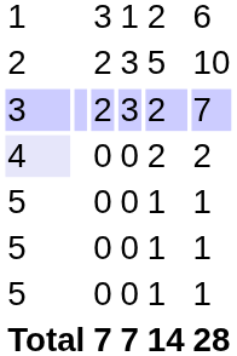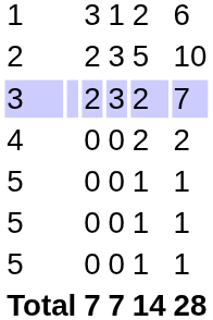 <table>
 <tr>
 <td>1</td>
 <td align=left></td>
 <td>3</td>
 <td>1</td>
 <td>2</td>
 <td>6</td>
 </tr>
 <tr>
 <td>2</td>
 <td align=left></td>
 <td>2</td>
 <td>3</td>
 <td>5</td>
 <td>10</td>
 </tr>
 <tr style="background:#ccf;">
 <td>3</td>
 <td align=left></td>
 <td>2</td>
 <td>3</td>
 <td>2</td>
 <td>7</td>
 </tr>
 <tr>
-<td style="background: lavender;">4</td>
+<td>4</td>
 <td align=left></td>
 <td>0</td>
 <td>0</td>
 <td>2</td>
 <td>2</td>
 </tr>
 <tr>
 <td>5</td>
 <td align=left></td>
 <td>0</td>
 <td>0</td>
 <td>1</td>
 <td>1</td>
 </tr>
 <tr>
 <td>5</td>
 <td align=left></td>
 <td>0</td>
 <td>0</td>
 <td>1</td>
 <td>1</td>
 </tr>
 <tr>
 <td>5</td>
 <td align=left></td>
 <td>0</td>
 <td>0</td>
 <td>1</td>
 <td>1</td>
 </tr>
 <tr>
 <th colspan=2>Total</th>
 <th>7</th>
 <th>7</th>
 <th>14</th>
 <th>28</th>
 </tr>
 </table>
